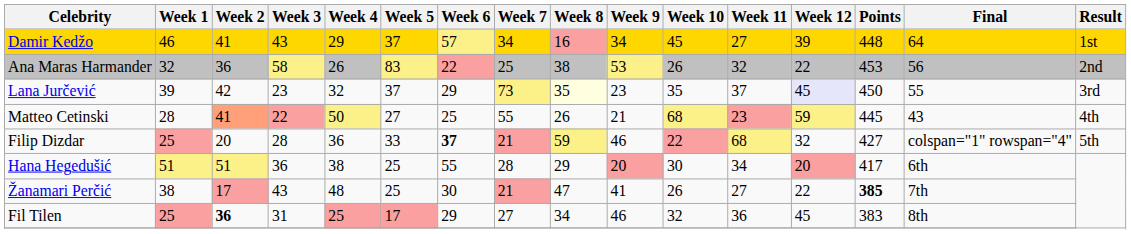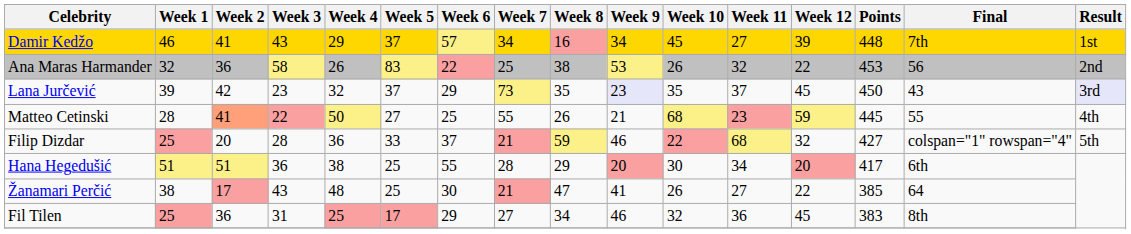 <table class=wikitable>
 <tr>
 <th>Celebrity</th>
 <th>Week 1</th>
 <th>Week 2</th>
 <th>Week 3</th>
 <th>Week 4</th>
 <th>Week 5</th>
 <th>Week 6</th>
 <th>Week 7</th>
 <th>Week 8</th>
 <th>Week 9</th>
 <th>Week 10</th>
 <th>Week 11</th>
 <th>Week 12</th>
 <th>Points</th>
 <th>Final</th>
 <th>Result</th>
 </tr>
 <tr style="background:gold;">
 <td><a href='#'>Damir Kedžo</a></td>
 <td>46</td>
 <td>41</td>
 <td>43</td>
 <td>29</td>
 <td>37</td>
 <td bgcolor="#FCF088">57</td>
 <td>34</td>
 <td bgcolor="#FAA0A0">16</td>
 <td>34</td>
 <td>45</td>
 <td>27</td>
 <td>39</td>
 <td>448</td>
-<td>64</td>
+<td>7th</td>
 <td>1st</td>
 </tr>
 <tr style="background:silver;">
 <td>Ana Maras Harmander</td>
 <td>32</td>
 <td>36</td>
 <td bgcolor="#FCF088">58</td>
 <td>26</td>
 <td bgcolor="#FCF088">83</td>
 <td bgcolor="#FAA0A0">22</td>
 <td>25</td>
 <td>38</td>
 <td bgcolor="#FCF088">53</td>
 <td>26</td>
 <td>32</td>
 <td>22</td>
 <td>453</td>
 <td>56</td>
 <td>2nd</td>
 </tr>
 <tr>
 <td><a href='#'>Lana Jurčević</a></td>
 <td>39</td>
 <td>42</td>
 <td>23</td>
 <td>32</td>
 <td>37</td>
 <td>29</td>
 <td bgcolor="#FCF088">73</td>
-<td style="background: lightyellow;">35</td>
-<td>23</td>
+<td>35</td>
+<td style="background: lavender;">23</td>
 <td>35</td>
 <td>37</td>
-<td style="background: lavender;">45</td>
+<td>45</td>
 <td>450</td>
-<td>55</td>
-<td>3rd</td>
+<td>43</td>
+<td style="background: lavender;">3rd</td>
 </tr>
 <tr>
 <td>Matteo Cetinski</td>
 <td>28</td>
 <td style="background: lightsalmon;">41</td>
 <td bgcolor="#FAA0A0">22</td>
 <td bgcolor="#FCF088">50</td>
 <td>27</td>
 <td>25</td>
 <td>55</td>
 <td>26</td>
 <td>21</td>
 <td bgcolor="#FCF088">68</td>
 <td bgcolor="#FAA0A0">23</td>
 <td bgcolor="#FCF088">59</td>
 <td>445</td>
-<td>43</td>
+<td>55</td>
 <td>4th</td>
 </tr>
 <tr>
 <td>Filip Dizdar</td>
 <td bgcolor="#FAA0A0">25</td>
 <td>20</td>
 <td>28</td>
 <td>36</td>
 <td>33</td>
-<td><strong>37</strong></td>
+<td>37</td>
 <td bgcolor="#FAA0A0">21</td>
 <td bgcolor="#FCF088">59</td>
 <td>46</td>
 <td bgcolor="#FAA0A0">22</td>
 <td bgcolor="#FCF088">68</td>
 <td>32</td>
 <td>427</td>
 <td>colspan="1" rowspan="4" </td>
 <td>5th</td>
 </tr>
 <tr>
 <td><a href='#'>Hana Hegedušić</a></td>
 <td bgcolor="#FCF088">51</td>
 <td bgcolor="#FCF088">51</td>
 <td>36</td>
 <td>38</td>
 <td>25</td>
 <td>55</td>
 <td>28</td>
 <td>29</td>
 <td bgcolor="#FAA0A0">20</td>
 <td>30</td>
 <td>34</td>
 <td bgcolor="#FAA0A0">20</td>
 <td>417</td>
 <td>6th</td>
 </tr>
 <tr>
 <td><a href='#'>Žanamari Perčić</a></td>
 <td>38</td>
 <td bgcolor="#FAA0A0">17</td>
 <td>43</td>
 <td>48</td>
 <td>25</td>
 <td>30</td>
 <td bgcolor="#FAA0A0">21</td>
 <td>47</td>
 <td>41</td>
 <td>26</td>
 <td>27</td>
 <td>22</td>
-<td><strong>385</strong></td>
-<td>7th</td>
+<td>385</td>
+<td>64</td>
 </tr>
 <tr>
 <td>Fil Tilen</td>
 <td bgcolor="#FAA0A0">25</td>
-<td><strong>36</strong></td>
+<td>36</td>
 <td>31</td>
 <td bgcolor="#FAA0A0">25</td>
 <td bgcolor="#FAA0A0">17</td>
 <td>29</td>
 <td>27</td>
 <td>34</td>
 <td>46</td>
 <td>32</td>
 <td>36</td>
 <td>45</td>
 <td>383</td>
 <td>8th</td>
 </tr>
 <tr>
 </tr>
 </table>
